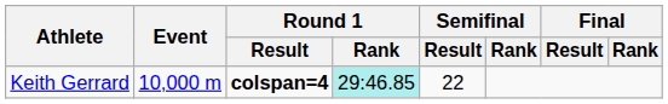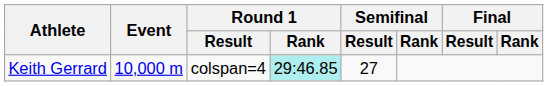 <table class=wikitable style="font-size:90%">
 <tr>
 <th rowspan="2">Athlete</th>
 <th rowspan="2">Event</th>
 <th colspan="2">Round 1</th>
 <th colspan="2">Semifinal</th>
 <th colspan="2">Final</th>
 </tr>
 <tr style="font-size:95%">
 <th>Result</th>
 <th>Rank</th>
 <th>Result</th>
 <th>Rank</th>
 <th>Result</th>
 <th>Rank</th>
 </tr>
 <tr align=center>
 <td align=left><a href='#'>Keith Gerrard</a></td>
 <td align=left><a href='#'>10,000 m</a></td>
-<td><strong>colspan=4 </strong></td>
+<td>colspan=4 </td>
 <td style="background: paleturquoise;">29:46.85</td>
-<td>22</td>
+<td>27</td>
 </tr>
 </table>
